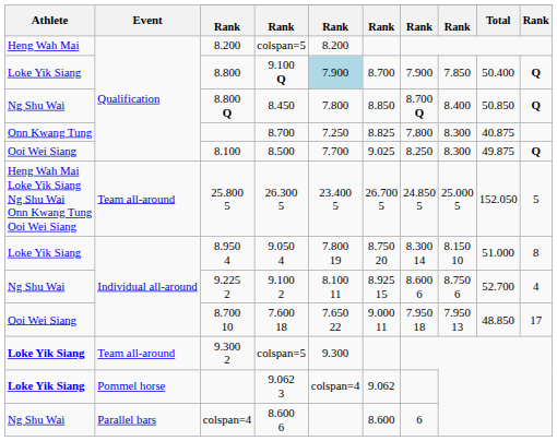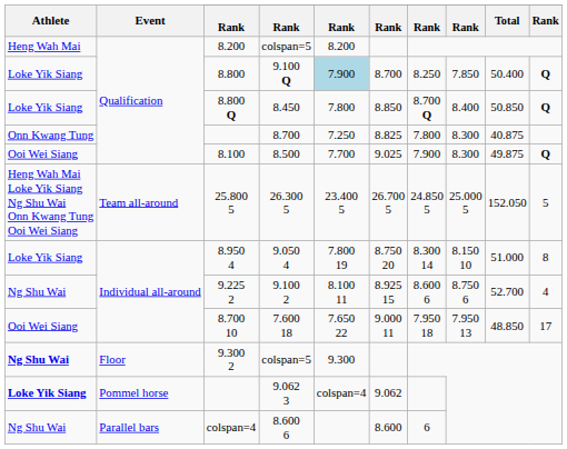 <table class=wikitable style="font-size:90%">
 <tr>
 <th rowspan=2>Athlete</th>
 <th rowspan=2>Event</th>
 </tr>
 <tr style="font-size:95%">
 <th><br>Rank</th>
 <th><br>Rank</th>
 <th><br>Rank</th>
 <th><br>Rank</th>
 <th><br>Rank</th>
 <th><br>Rank</th>
 <th>Total</th>
 <th>Rank</th>
 </tr>
 <tr align=center>
 <td align=left><a href='#'>Heng Wah Mai</a></td>
 <td align=left rowspan=5><a href='#'>Qualification</a></td>
 <td>8.200<br></td>
 <td>colspan=5 </td>
 <td>8.200</td>
 <td></td>
 </tr>
 <tr align=center>
 <td align=left><a href='#'>Loke Yik Siang</a></td>
 <td>8.800<br></td>
 <td>9.100<br><strong>Q</strong></td>
 <td style="background: lightblue;">7.900<br></td>
 <td>8.700<br></td>
-<td>7.900<br></td>
+<td>8.250<br></td>
 <td>7.850<br></td>
 <td>50.400</td>
 <td><strong>Q</strong></td>
 </tr>
 <tr align=center>
-<td align=left><a href='#'>Ng Shu Wai</a></td>
+<td align=left><a href='#'>Loke Yik Siang</a></td>
 <td>8.800<br><strong>Q</strong></td>
 <td>8.450<br></td>
 <td>7.800<br></td>
 <td>8.850<br></td>
 <td>8.700<br><strong>Q</strong></td>
 <td>8.400</td>
 <td>50.850</td>
 <td><strong>Q</strong></td>
 </tr>
 <tr align=center>
 <td align=left><a href='#'>Onn Kwang Tung</a></td>
 <td></td>
 <td>8.700<br></td>
 <td>7.250<br></td>
 <td>8.825<br></td>
 <td>7.800<br></td>
 <td>8.300<br></td>
 <td>40.875</td>
 <td></td>
 </tr>
 <tr align=center>
 <td align=left><a href='#'>Ooi Wei Siang</a></td>
 <td>8.100<br></td>
 <td>8.500<br></td>
 <td>7.700<br></td>
 <td>9.025<br></td>
-<td>8.250<br></td>
+<td>7.900<br></td>
 <td>8.300<br></td>
 <td>49.875</td>
 <td><strong>Q</strong></td>
 </tr>
 <tr align=center>
 <td align=left><a href='#'>Heng Wah Mai</a><br><a href='#'>Loke Yik Siang</a><br><a href='#'>Ng Shu Wai</a><br><a href='#'>Onn Kwang Tung</a><br><a href='#'>Ooi Wei Siang</a></td>
 <td align=left><a href='#'>Team all-around</a></td>
 <td>25.800<br>5</td>
 <td>26.300<br>5</td>
 <td>23.400<br>5</td>
 <td>26.700<br>5</td>
 <td>24.850<br>5</td>
 <td>25.000<br>5</td>
 <td>152.050</td>
 <td>5</td>
 </tr>
 <tr align=center>
 <td align=left><a href='#'>Loke Yik Siang</a></td>
 <td align=left rowspan=3><a href='#'>Individual all-around</a></td>
 <td>8.950<br>4</td>
 <td>9.050<br>4</td>
 <td>7.800<br>19</td>
 <td>8.750<br>20</td>
 <td>8.300<br>14</td>
 <td>8.150<br>10</td>
 <td>51.000</td>
 <td>8</td>
 </tr>
 <tr align=center>
 <td align=left><a href='#'>Ng Shu Wai</a></td>
 <td>9.225<br>2</td>
 <td>9.100<br>2</td>
 <td>8.100<br>11</td>
 <td>8.925<br>15</td>
 <td>8.600<br>6</td>
 <td>8.750<br>6</td>
 <td>52.700</td>
 <td>4</td>
 </tr>
 <tr align=center>
 <td align=left><a href='#'>Ooi Wei Siang</a></td>
 <td>8.700<br>10</td>
 <td>7.600<br>18</td>
 <td>7.650<br>22</td>
 <td>9.000<br>11</td>
 <td>7.950<br>18</td>
 <td>7.950<br>13</td>
 <td>48.850</td>
 <td>17</td>
 </tr>
 <tr align=center>
-<td align=left><strong><a href='#'>Loke Yik Siang</a></strong></td>
-<td align=left><a href='#'>Team all-around</a></td>
+<td align=left><strong><a href='#'>Ng Shu Wai</a></strong></td>
+<td align=left><a href='#'>Floor</a></td>
 <td>9.300<br>2</td>
 <td>colspan=5 </td>
 <td>9.300</td>
 <td></td>
 </tr>
 <tr align=center>
 <td align=left><strong><a href='#'>Loke Yik Siang</a></strong></td>
 <td align=left><a href='#'>Pommel horse</a></td>
 <td></td>
 <td>9.062<br>3</td>
 <td>colspan=4 </td>
 <td>9.062</td>
 <td></td>
 </tr>
 <tr align=center>
 <td align=left><a href='#'>Ng Shu Wai</a></td>
 <td align=left><a href='#'>Parallel bars</a></td>
 <td>colspan=4 </td>
 <td>8.600<br>6</td>
 <td></td>
 <td>8.600</td>
 <td>6</td>
 </tr>
 </table>
